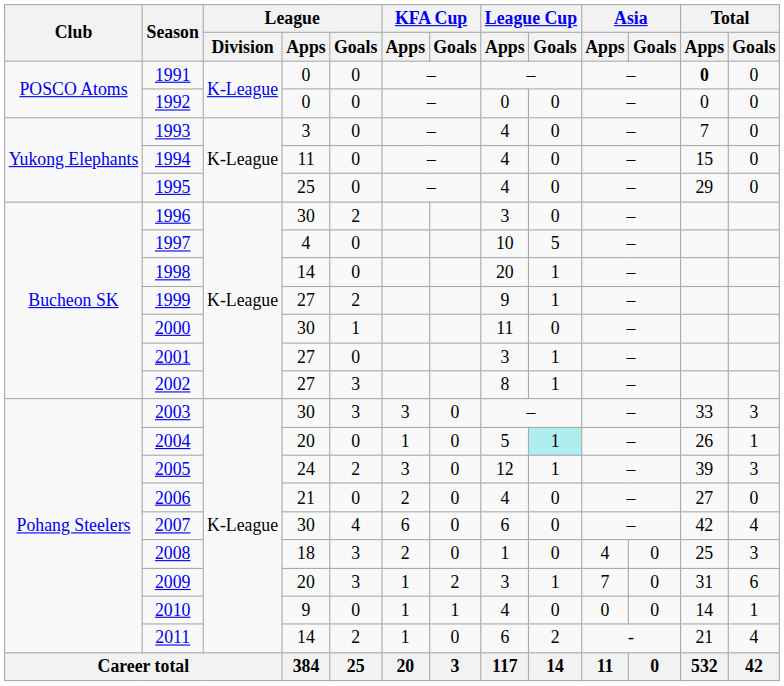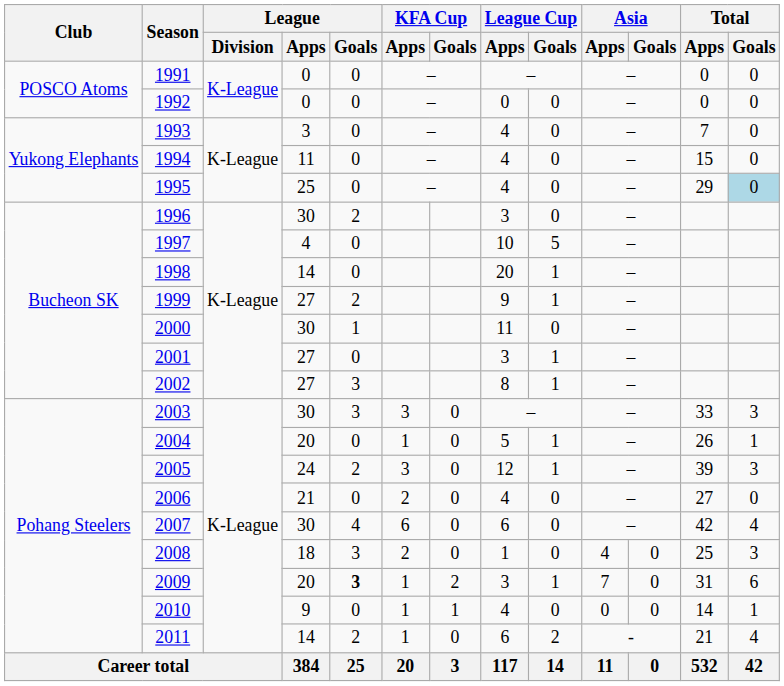 <table class="wikitable" style="text-align:center">
 <tr>
 <th rowspan="2">Club</th>
 <th rowspan="2">Season</th>
 <th colspan="3">League</th>
 <th colspan="2"><a href='#'>KFA Cup</a></th>
 <th colspan="2"><a href='#'>League Cup</a></th>
 <th colspan="2"><a href='#'>Asia</a></th>
 <th colspan="2">Total</th>
 </tr>
 <tr>
 <th>Division</th>
 <th>Apps</th>
 <th>Goals</th>
 <th>Apps</th>
 <th>Goals</th>
 <th>Apps</th>
 <th>Goals</th>
 <th>Apps</th>
 <th>Goals</th>
 <th>Apps</th>
 <th>Goals</th>
 </tr>
 <tr>
 <td rowspan="2"><a href='#'>POSCO Atoms</a></td>
 <td><a href='#'>1991</a></td>
 <td rowspan="2"><a href='#'>K-League</a></td>
 <td>0</td>
 <td>0</td>
 <td colspan="2">–</td>
 <td colspan="2">–</td>
 <td colspan="2">–</td>
-<td><strong>0</strong></td>
+<td>0</td>
 <td>0</td>
 </tr>
 <tr>
 <td><a href='#'>1992</a></td>
 <td>0</td>
 <td>0</td>
 <td colspan="2">–</td>
 <td>0</td>
 <td>0</td>
 <td colspan="2">–</td>
 <td>0</td>
 <td>0</td>
 </tr>
 <tr>
 <td rowspan="3"><a href='#'>Yukong Elephants</a></td>
 <td><a href='#'>1993</a></td>
 <td rowspan="3">K-League</td>
 <td>3</td>
 <td>0</td>
 <td colspan="2">–</td>
 <td>4</td>
 <td>0</td>
 <td colspan="2">–</td>
 <td>7</td>
 <td>0</td>
 </tr>
 <tr>
 <td><a href='#'>1994</a></td>
 <td>11</td>
 <td>0</td>
 <td colspan="2">–</td>
 <td>4</td>
 <td>0</td>
 <td colspan="2">–</td>
 <td>15</td>
 <td>0</td>
 </tr>
 <tr>
 <td><a href='#'>1995</a></td>
 <td>25</td>
 <td>0</td>
 <td colspan="2">–</td>
 <td>4</td>
 <td>0</td>
 <td colspan="2">–</td>
 <td>29</td>
-<td>0</td>
+<td style="background: lightblue;">0</td>
 </tr>
 <tr>
 <td rowspan="7"><a href='#'>Bucheon SK</a></td>
 <td><a href='#'>1996</a></td>
 <td rowspan="7">K-League</td>
 <td>30</td>
 <td>2</td>
 <td></td>
 <td></td>
 <td>3</td>
 <td>0</td>
 <td colspan="2">–</td>
 <td></td>
 <td></td>
 </tr>
 <tr>
 <td><a href='#'>1997</a></td>
 <td>4</td>
 <td>0</td>
 <td></td>
 <td></td>
 <td>10</td>
 <td>5</td>
 <td colspan="2">–</td>
 <td></td>
 <td></td>
 </tr>
 <tr>
 <td><a href='#'>1998</a></td>
 <td>14</td>
 <td>0</td>
 <td></td>
 <td></td>
 <td>20</td>
 <td>1</td>
 <td colspan="2">–</td>
 <td></td>
 <td></td>
 </tr>
 <tr>
 <td><a href='#'>1999</a></td>
 <td>27</td>
 <td>2</td>
 <td></td>
 <td></td>
 <td>9</td>
 <td>1</td>
 <td colspan="2">–</td>
 <td></td>
 <td></td>
 </tr>
 <tr>
 <td><a href='#'>2000</a></td>
 <td>30</td>
 <td>1</td>
 <td></td>
 <td></td>
 <td>11</td>
 <td>0</td>
 <td colspan="2">–</td>
 <td></td>
 <td></td>
 </tr>
 <tr>
 <td><a href='#'>2001</a></td>
 <td>27</td>
 <td>0</td>
 <td></td>
 <td></td>
 <td>3</td>
 <td>1</td>
 <td colspan="2">–</td>
 <td></td>
 <td></td>
 </tr>
 <tr>
 <td><a href='#'>2002</a></td>
 <td>27</td>
 <td>3</td>
 <td></td>
 <td></td>
 <td>8</td>
 <td>1</td>
 <td colspan="2">–</td>
 <td></td>
 <td></td>
 </tr>
 <tr>
 <td rowspan="9"><a href='#'>Pohang Steelers</a></td>
 <td><a href='#'>2003</a></td>
 <td rowspan="9">K-League</td>
 <td>30</td>
 <td>3</td>
 <td>3</td>
 <td>0</td>
 <td colspan="2">–</td>
 <td colspan="2">–</td>
 <td>33</td>
 <td>3</td>
 </tr>
 <tr>
 <td><a href='#'>2004</a></td>
 <td>20</td>
 <td>0</td>
 <td>1</td>
 <td>0</td>
 <td>5</td>
-<td style="background: paleturquoise;">1</td>
+<td>1</td>
 <td colspan="2">–</td>
 <td>26</td>
 <td>1</td>
 </tr>
 <tr>
 <td><a href='#'>2005</a></td>
 <td>24</td>
 <td>2</td>
 <td>3</td>
 <td>0</td>
 <td>12</td>
 <td>1</td>
 <td colspan="2">–</td>
 <td>39</td>
 <td>3</td>
 </tr>
 <tr>
 <td><a href='#'>2006</a></td>
 <td>21</td>
 <td>0</td>
 <td>2</td>
 <td>0</td>
 <td>4</td>
 <td>0</td>
 <td colspan="2">–</td>
 <td>27</td>
 <td>0</td>
 </tr>
 <tr>
 <td><a href='#'>2007</a></td>
 <td>30</td>
 <td>4</td>
 <td>6</td>
 <td>0</td>
 <td>6</td>
 <td>0</td>
 <td colspan="2">–</td>
 <td>42</td>
 <td>4</td>
 </tr>
 <tr>
 <td><a href='#'>2008</a></td>
 <td>18</td>
 <td>3</td>
 <td>2</td>
 <td>0</td>
 <td>1</td>
 <td>0</td>
 <td>4</td>
 <td>0</td>
 <td>25</td>
 <td>3</td>
 </tr>
 <tr>
 <td><a href='#'>2009</a></td>
 <td>20</td>
-<td>3</td>
+<td><strong>3</strong></td>
 <td>1</td>
 <td>2</td>
 <td>3</td>
 <td>1</td>
 <td>7</td>
 <td>0</td>
 <td>31</td>
 <td>6</td>
 </tr>
 <tr>
 <td><a href='#'>2010</a></td>
 <td>9</td>
 <td>0</td>
 <td>1</td>
 <td>1</td>
 <td>4</td>
 <td>0</td>
 <td>0</td>
 <td>0</td>
 <td>14</td>
 <td>1</td>
 </tr>
 <tr>
 <td><a href='#'>2011</a></td>
 <td>14</td>
 <td>2</td>
 <td>1</td>
 <td>0</td>
 <td>6</td>
 <td>2</td>
 <td colspan=2>-</td>
 <td>21</td>
 <td>4</td>
 </tr>
 <tr>
 <th colspan="3">Career total</th>
 <th>384</th>
 <th>25</th>
 <th>20</th>
 <th>3</th>
 <th>117</th>
 <th>14</th>
 <th>11</th>
 <th>0</th>
 <th>532</th>
 <th>42</th>
 </tr>
 </table>
